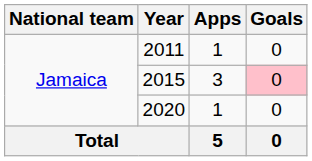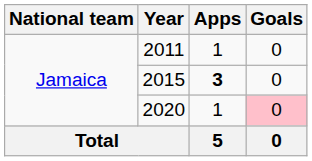 <table class="wikitable" style="text-align:center">
 <tr>
 <th>National team</th>
 <th>Year</th>
 <th>Apps</th>
 <th>Goals</th>
 </tr>
 <tr>
 <td rowspan="3"><a href='#'>Jamaica</a></td>
 <td>2011</td>
 <td>1</td>
 <td>0</td>
 </tr>
 <tr>
 <td>2015</td>
-<td>3</td>
-<td style="background: pink;">0</td>
+<td><strong>3</strong></td>
+<td>0</td>
 </tr>
 <tr>
 <td>2020</td>
 <td>1</td>
-<td>0</td>
+<td style="background: pink;">0</td>
 </tr>
 <tr>
 <th colspan="2">Total</th>
 <th>5</th>
 <th>0</th>
 </tr>
 </table>
